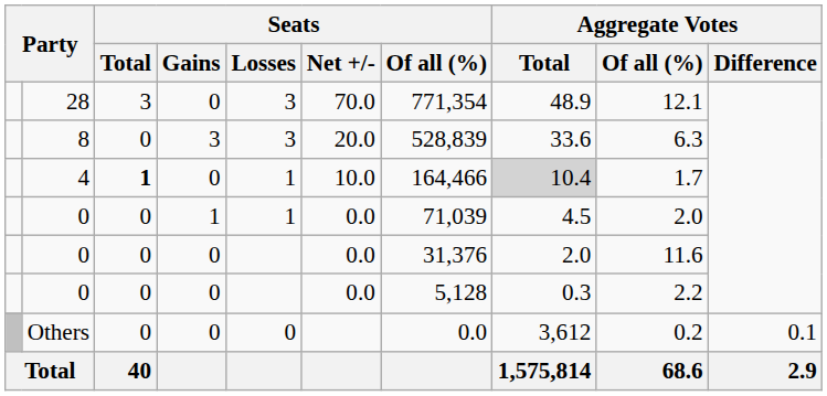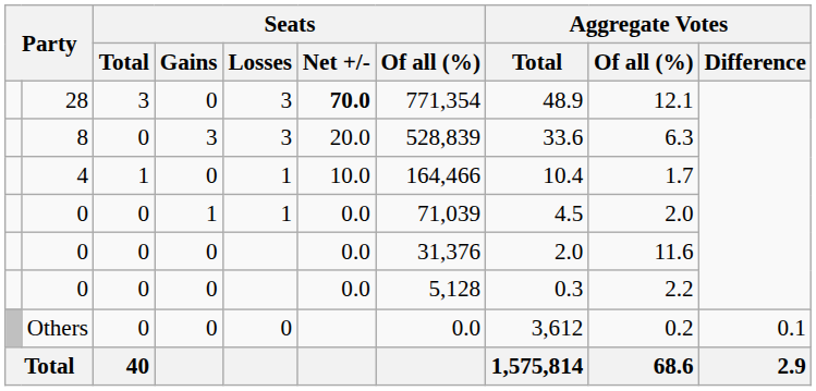 <table class="wikitable sortable" style="text-align:right; font-size:95%;">
 <tr>
 <th colspan="2" rowspan="2">Party</th>
 <th colspan="5">Seats</th>
 <th colspan="3">Aggregate Votes</th>
 </tr>
 <tr>
 <th>Total</th>
 <th>Gains</th>
 <th>Losses</th>
 <th>Net +/-</th>
 <th>Of all (%)</th>
 <th>Total</th>
 <th>Of all (%)</th>
 <th>Difference</th>
 </tr>
 <tr>
 <td></td>
 <td>28</td>
 <td>3</td>
 <td>0</td>
 <td>3</td>
-<td>70.0</td>
+<td><strong>70.0</strong></td>
 <td>771,354</td>
 <td>48.9</td>
 <td>12.1</td>
 </tr>
 <tr>
 <td></td>
 <td>8</td>
 <td>0</td>
 <td>3</td>
 <td>3</td>
 <td>20.0</td>
 <td>528,839</td>
 <td>33.6</td>
 <td>6.3</td>
 </tr>
 <tr>
 <td></td>
 <td>4</td>
-<td><strong>1</strong></td>
+<td>1</td>
 <td>0</td>
 <td>1</td>
 <td>10.0</td>
 <td>164,466</td>
-<td style="background: lightgrey;">10.4</td>
+<td>10.4</td>
 <td>1.7</td>
 </tr>
 <tr>
 <td></td>
 <td>0</td>
 <td>0</td>
 <td>1</td>
 <td>1</td>
 <td>0.0</td>
 <td>71,039</td>
 <td>4.5</td>
 <td>2.0</td>
 </tr>
 <tr>
 <td></td>
 <td>0</td>
 <td>0</td>
 <td>0</td>
 <td></td>
 <td>0.0</td>
 <td>31,376</td>
 <td>2.0</td>
 <td>11.6</td>
 </tr>
 <tr>
 <td></td>
 <td>0</td>
 <td>0</td>
 <td>0</td>
 <td></td>
 <td>0.0</td>
 <td>5,128</td>
 <td>0.3</td>
 <td>2.2</td>
 </tr>
 <tr>
 <td style="background:silver;"> </td>
 <td align=left>Others</td>
 <td>0</td>
 <td>0</td>
 <td>0</td>
 <td></td>
 <td>0.0</td>
 <td>3,612</td>
 <td>0.2</td>
 <td>0.1</td>
 </tr>
 <tr class="sortbottom">
 <th colspan="2" style="background:#f2f2f2"><strong>Total</strong></th>
 <td style="background:#f2f2f2;"><strong>40</strong></td>
 <td style="background:#f2f2f2;"></td>
 <td style="background:#f2f2f2;"></td>
 <td style="background:#f2f2f2;"></td>
 <td style="background:#f2f2f2;"></td>
 <td style="background:#f2f2f2;"><strong>1,575,814</strong></td>
 <td style="background:#f2f2f2;"><strong>68.6</strong></td>
 <td style="background:#f2f2f2;"><strong>2.9</strong></td>
 </tr>
 </table>
